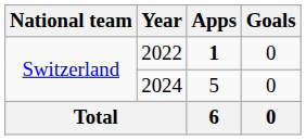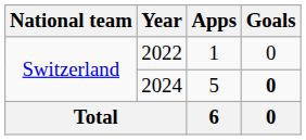 <table class=wikitable style=text-align:center>
 <tr>
 <th>National team</th>
 <th>Year</th>
 <th>Apps</th>
 <th>Goals</th>
 </tr>
 <tr>
 <td rowspan="2"><a href='#'>Switzerland</a></td>
 <td>2022</td>
-<td><strong>1</strong></td>
+<td>1</td>
 <td>0</td>
 </tr>
 <tr>
 <td>2024</td>
 <td>5</td>
-<td>0</td>
+<td><strong>0</strong></td>
 </tr>
 <tr>
 <th colspan="2">Total</th>
 <th>6</th>
 <th>0</th>
 </tr>
 </table>
